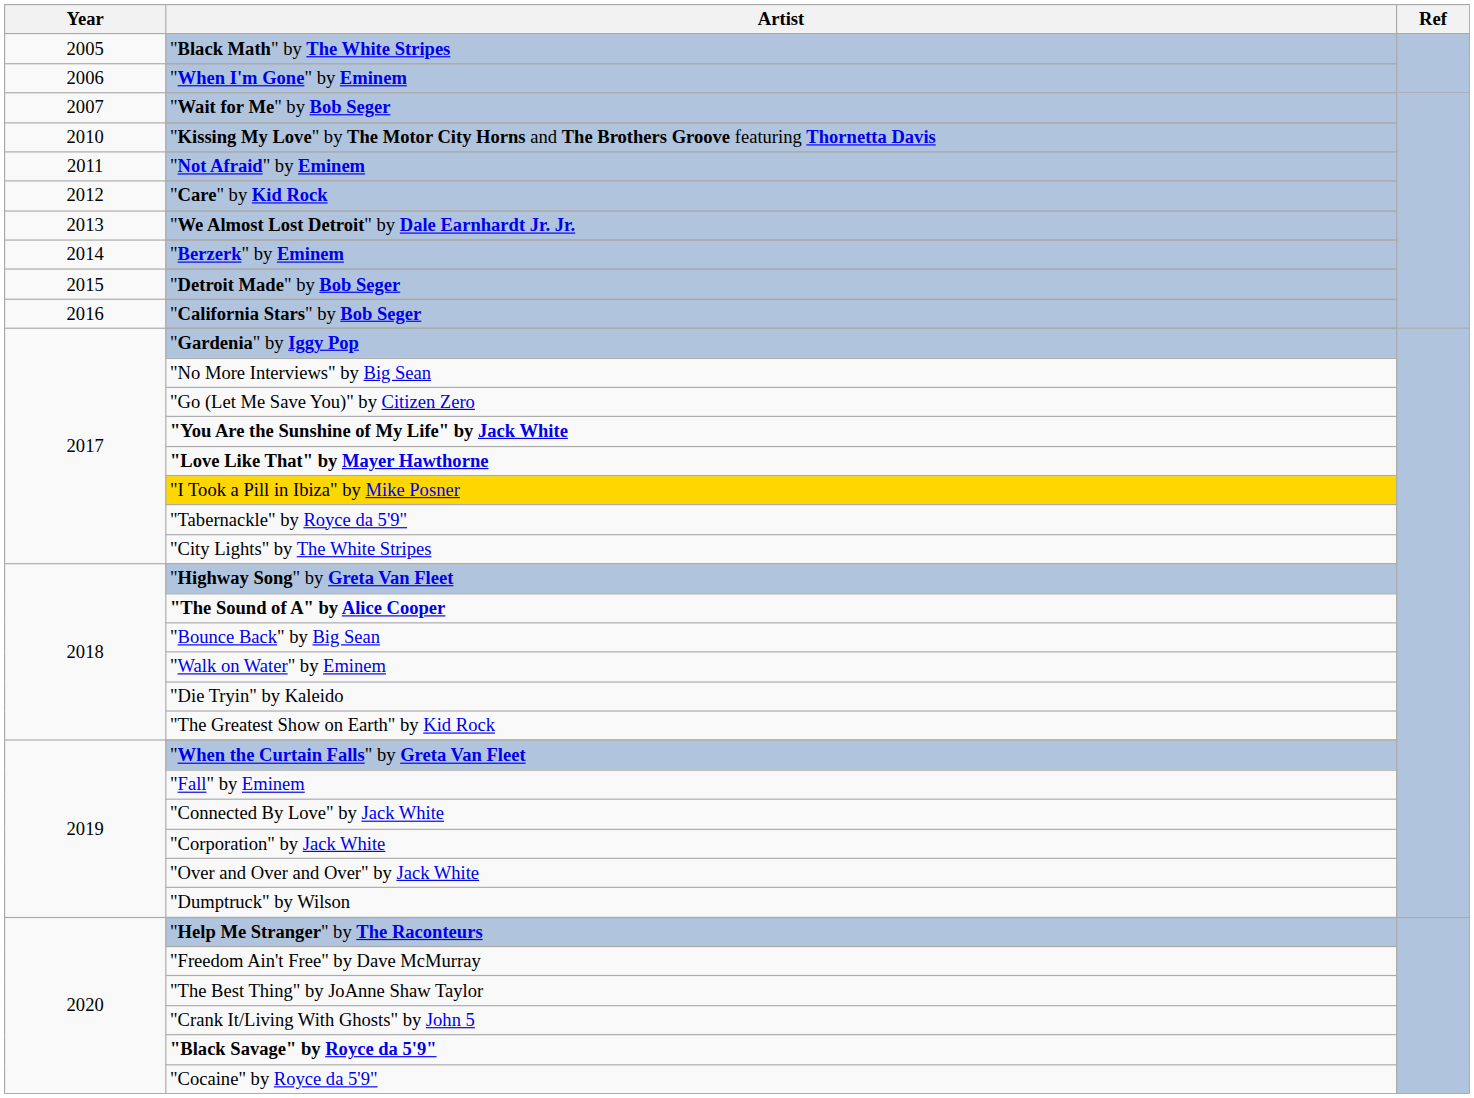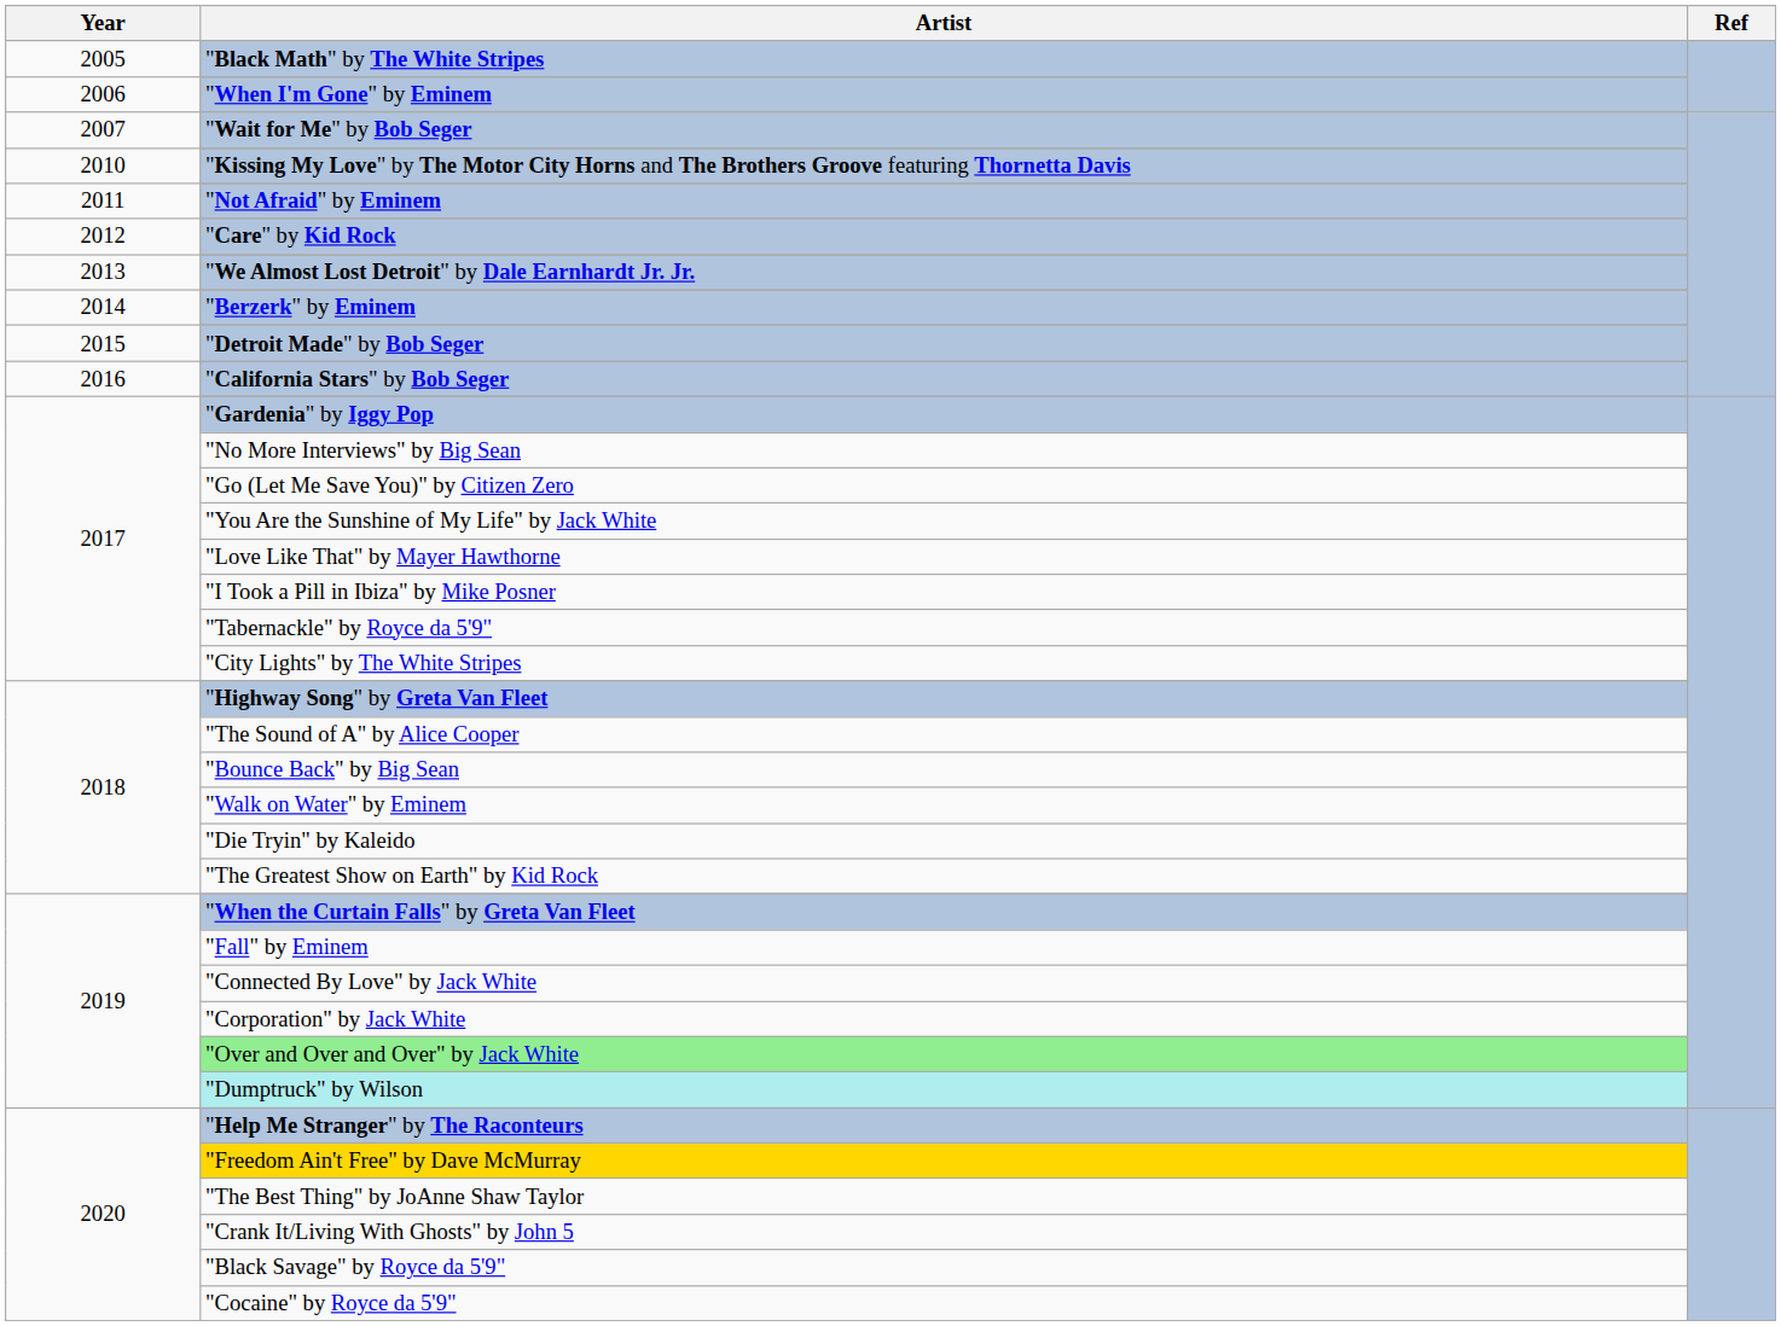 <table class="wikitable" style="width:100%;">
 <tr>
 <th style="width:11%;">Year</th>
 <th style="width:84%;">Artist</th>
 <th style="width:5%;">Ref</th>
 </tr>
 <tr>
 <td rowspan="2" align="center">2005</td>
 </tr>
 <tr style="background:#B0C4DE">
 <td>"<strong>Black Math</strong>" by <strong><a href='#'>The White Stripes</a></strong></td>
 <td rowspan="4"></td>
 </tr>
 <tr>
 <td rowspan="2" align="center">2006</td>
 </tr>
 <tr style="background:#B0C4DE">
 <td>"<strong><a href='#'>When I'm Gone</a></strong>" by <strong><a href='#'>Eminem</a></strong></td>
 </tr>
 <tr>
 <td rowspan="2" align="center">2007</td>
 </tr>
 <tr style="background:#B0C4DE">
 <td>"<strong>Wait for Me</strong>" by <strong><a href='#'>Bob Seger</a></strong></td>
 <td rowspan="16" align="center"></td>
 </tr>
 <tr>
 <td rowspan="2" align="center">2010</td>
 </tr>
 <tr style="background:#B0C4DE">
 <td>"<strong>Kissing My Love</strong>" by <strong>The Motor City Horns</strong> and <strong>The Brothers Groove</strong> featuring <strong><a href='#'>Thornetta Davis</a></strong></td>
 </tr>
 <tr>
 <td rowspan="2" align="center">2011</td>
 </tr>
 <tr style="background:#B0C4DE">
 <td>"<strong><a href='#'>Not Afraid</a></strong>" by <strong><a href='#'>Eminem</a></strong></td>
 </tr>
 <tr>
 <td rowspan="2" align="center">2012</td>
 </tr>
 <tr style="background:#B0C4DE">
 <td>"<strong>Care</strong>" by <strong><a href='#'>Kid Rock</a></strong></td>
 </tr>
 <tr>
 <td rowspan="2" align="center">2013</td>
 </tr>
 <tr style="background:#B0C4DE">
 <td>"<strong>We Almost Lost Detroit</strong>" by <strong><a href='#'>Dale Earnhardt Jr. Jr.</a></strong></td>
 </tr>
 <tr>
 <td rowspan="2" align="center">2014</td>
 </tr>
 <tr style="background:#B0C4DE">
 <td>"<strong><a href='#'>Berzerk</a></strong>" by <strong><a href='#'>Eminem</a></strong></td>
 </tr>
 <tr>
 <td rowspan="2" align="center">2015</td>
 </tr>
 <tr style="background:#B0C4DE">
 <td>"<strong>Detroit Made</strong>" by <strong><a href='#'>Bob Seger</a></strong></td>
 </tr>
 <tr>
 <td rowspan="2" align="center">2016</td>
 </tr>
 <tr style="background:#B0C4DE">
 <td>"<strong>California Stars</strong>" by <strong><a href='#'>Bob Seger</a></strong></td>
 </tr>
 <tr>
 <td rowspan="9" align="center">2017</td>
 </tr>
 <tr style="background:#B0C4DE">
 <td>"<strong>Gardenia</strong>" by <strong><a href='#'>Iggy Pop</a></strong></td>
 <td rowspan="23" align="center"></td>
 </tr>
 <tr>
 <td>"No More Interviews" by <a href='#'>Big Sean</a></td>
 </tr>
 <tr>
 <td>"Go (Let Me Save You)" by <a href='#'>Citizen Zero</a></td>
 </tr>
 <tr>
-<td><strong>"You Are the Sunshine of My Life" by <a href='#'>Jack White</a></strong></td>
+<td>"You Are the Sunshine of My Life" by <a href='#'>Jack White</a></td>
 </tr>
 <tr>
-<td><strong>"Love Like That" by <a href='#'>Mayer Hawthorne</a></strong></td>
+<td>"Love Like That" by <a href='#'>Mayer Hawthorne</a></td>
 </tr>
 <tr>
-<td style="background: gold;">"I Took a Pill in Ibiza" by <a href='#'>Mike Posner</a></td>
+<td>"I Took a Pill in Ibiza" by <a href='#'>Mike Posner</a></td>
 </tr>
 <tr>
 <td>"Tabernackle" by <a href='#'>Royce da 5'9"</a></td>
 </tr>
 <tr>
 <td>"City Lights" by <a href='#'>The White Stripes</a></td>
 </tr>
 <tr>
 <td rowspan="7" align="center">2018</td>
 </tr>
 <tr style="background:#B0C4DE">
 <td>"<strong>Highway Song</strong>" by <strong><a href='#'>Greta Van Fleet</a></strong></td>
 </tr>
 <tr>
-<td><strong>"The Sound of A" by <a href='#'>Alice Cooper</a></strong></td>
+<td>"The Sound of A" by <a href='#'>Alice Cooper</a></td>
 </tr>
 <tr>
 <td>"<a href='#'>Bounce Back</a>" by <a href='#'>Big Sean</a></td>
 </tr>
 <tr>
 <td>"<a href='#'>Walk on Water</a>" by <a href='#'>Eminem</a></td>
 </tr>
 <tr>
 <td>"Die Tryin" by Kaleido</td>
 </tr>
 <tr>
 <td>"The Greatest Show on Earth" by <a href='#'>Kid Rock</a></td>
 </tr>
 <tr>
 <td rowspan="7" align="center">2019</td>
 </tr>
 <tr style="background:#B0C4DE">
 <td>"<strong><a href='#'>When the Curtain Falls</a></strong>" by <strong><a href='#'>Greta Van Fleet</a></strong></td>
 </tr>
 <tr>
 <td>"<a href='#'>Fall</a>" by <a href='#'>Eminem</a></td>
 </tr>
 <tr>
 <td>"Connected By Love" by <a href='#'>Jack White</a></td>
 </tr>
 <tr>
 <td>"Corporation" by <a href='#'>Jack White</a></td>
 </tr>
 <tr>
-<td>"Over and Over and Over" by <a href='#'>Jack White</a></td>
+<td style="background: lightgreen;">"Over and Over and Over" by <a href='#'>Jack White</a></td>
 </tr>
 <tr>
-<td>"Dumptruck" by Wilson</td>
+<td style="background: paleturquoise;">"Dumptruck" by Wilson</td>
 </tr>
 <tr>
 <td rowspan="7" align="center">2020</td>
 </tr>
 <tr style="background:#B0C4DE">
 <td>"<strong>Help Me Stranger</strong>" by <strong><a href='#'>The Raconteurs</a></strong></td>
 <td rowspan="6" align="center"></td>
 </tr>
 <tr>
-<td>"Freedom Ain't Free" by Dave McMurray</td>
+<td style="background: gold;">"Freedom Ain't Free" by Dave McMurray</td>
 </tr>
 <tr>
 <td>"The Best Thing" by JoAnne Shaw Taylor</td>
 </tr>
 <tr>
 <td>"Crank It/Living With Ghosts" by <a href='#'>John 5</a></td>
 </tr>
 <tr>
-<td><strong>"Black Savage" by <a href='#'>Royce da 5'9"</a></strong></td>
+<td>"Black Savage" by <a href='#'>Royce da 5'9"</a></td>
 </tr>
 <tr>
 <td>"Cocaine" by <a href='#'>Royce da 5'9"</a></td>
 </tr>
 <tr>
 </tr>
 </table>
